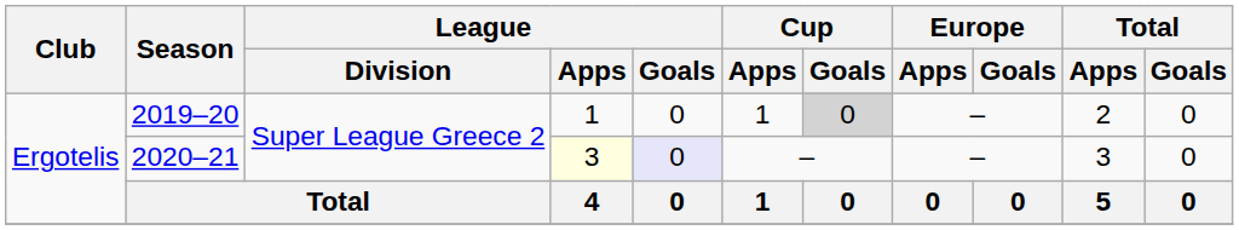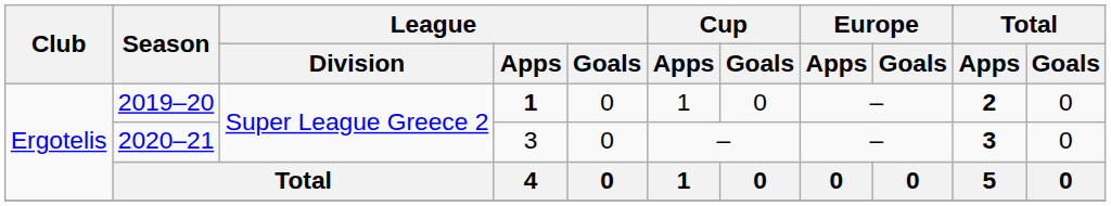 <table class="wikitable" style="text-align: center;">
 <tr>
 <th rowspan="2">Club</th>
 <th rowspan="2">Season</th>
 <th colspan="3">League</th>
 <th colspan="2">Cup</th>
 <th colspan="2">Europe</th>
 <th colspan="2">Total</th>
 </tr>
 <tr>
 <th>Division</th>
 <th>Apps</th>
 <th>Goals</th>
 <th>Apps</th>
 <th>Goals</th>
 <th>Apps</th>
 <th>Goals</th>
 <th>Apps</th>
 <th>Goals</th>
 </tr>
 <tr>
 <td rowspan="3" valign="center"><a href='#'>Ergotelis</a></td>
 <td><a href='#'>2019–20</a></td>
 <td rowspan="2"><a href='#'>Super League Greece 2</a></td>
+<td><strong>1</strong></td>
+<td>0</td>
 <td>1</td>
 <td>0</td>
-<td>1</td>
-<td style="background: lightgrey;">0</td>
 <td colspan="2">–</td>
-<td>2</td>
+<td><strong>2</strong></td>
 <td>0</td>
 </tr>
 <tr>
 <td><a href='#'>2020–21</a></td>
-<td style="background: lightyellow;">3</td>
-<td style="background: lavender;">0</td>
+<td>3</td>
+<td>0</td>
 <td colspan="2">–</td>
 <td colspan="2">–</td>
-<td>3</td>
+<td><strong>3</strong></td>
 <td>0</td>
 </tr>
 <tr>
 <th colspan="2">Total</th>
 <th>4</th>
 <th>0</th>
 <th>1</th>
 <th>0</th>
 <th>0</th>
 <th>0</th>
 <th>5</th>
 <th>0</th>
 </tr>
 <tr>
 </tr>
 </table>
